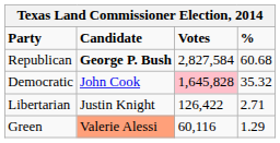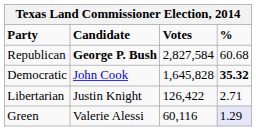 <table class="wikitable">
 <tr>
 <th colspan="4">Texas Land Commissioner Election, 2014</th>
 </tr>
 <tr>
 <td><strong>Party</strong></td>
 <td><strong>Candidate</strong></td>
 <td><strong>Votes</strong></td>
 <td><strong>%</strong></td>
 </tr>
 <tr>
 <td>Republican</td>
 <td><strong>George P. Bush</strong></td>
 <td>2,827,584</td>
 <td>60.68</td>
 </tr>
 <tr>
 <td>Democratic</td>
 <td><a href='#'>John Cook</a></td>
-<td style="background: pink;">1,645,828</td>
-<td>35.32</td>
+<td>1,645,828</td>
+<td><strong>35.32</strong></td>
 </tr>
 <tr>
 <td>Libertarian</td>
 <td>Justin Knight</td>
 <td>126,422</td>
 <td>2.71</td>
 </tr>
 <tr>
 <td>Green</td>
-<td style="background: lightsalmon;">Valerie Alessi</td>
+<td>Valerie Alessi</td>
 <td>60,116</td>
-<td>1.29</td>
+<td style="background: lavender;">1.29</td>
 </tr>
 </table>
